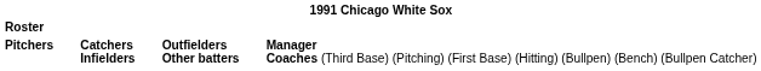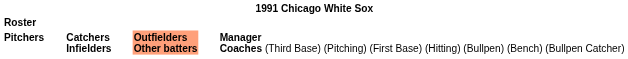 <table class="toccolours" style="font-size: 95%;">
 <tr>
 <th colspan="10">1991 Chicago White Sox</th>
 </tr>
 <tr>
 <td colspan="10"><strong>Roster</strong></td>
 </tr>
 <tr>
 <td valign="top"><strong>Pitchers</strong><br>                </td>
 <td width="25px"></td>
 <td valign="top"><strong>Catchers</strong><br>    <strong>Infielders</strong>         </td>
 <td width="25px"></td>
-<td valign="top"><strong>Outfielders</strong><br>       <strong>Other batters</strong> </td>
+<td valign="top" style="background: lightsalmon;"><strong>Outfielders</strong><br>       <strong>Other batters</strong> </td>
 <td width="25px"></td>
 <td valign="top"><strong>Manager</strong><br> <strong>Coaches</strong>  (Third Base)  (Pitching)  (First Base)  (Hitting)  (Bullpen)  (Bench)  (Bullpen Catcher)</td>
 </tr>
 </table>
